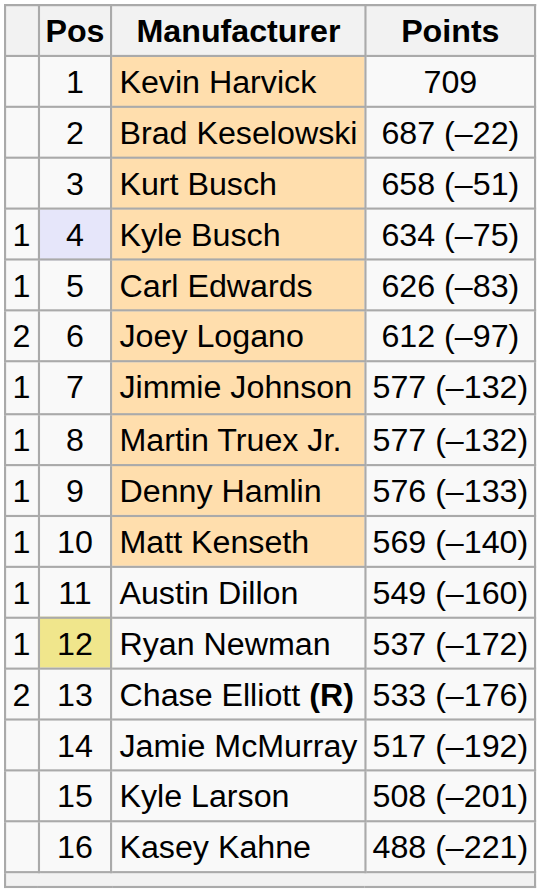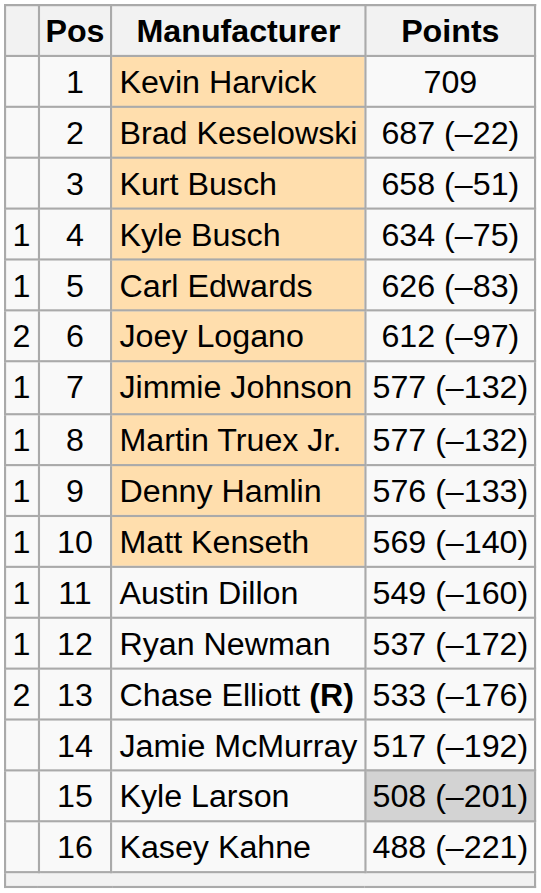 <table class="wikitable" style="font-size:95%">
 <tr>
 </tr>
 <tr>
 <th></th>
 <th>Pos</th>
 <th>Manufacturer</th>
 <th>Points</th>
 </tr>
 <tr>
 <td align="left"></td>
 <td style="text-align:center;">1</td>
 <td style="background:#FFDEAD;">Kevin Harvick</td>
 <td style="text-align:center;">709</td>
 </tr>
 <tr>
 <td align="left"></td>
 <td style="text-align:center;">2</td>
 <td style="background:#FFDEAD;">Brad Keselowski</td>
 <td style="text-align:center;">687 (–22)</td>
 </tr>
 <tr>
 <td align="left"></td>
 <td style="text-align:center;">3</td>
 <td style="background:#FFDEAD;">Kurt Busch</td>
 <td style="text-align:center;">658 (–51)</td>
 </tr>
 <tr>
 <td align="left"> 1</td>
-<td style="background: lavender; text-align:center;">4</td>
+<td style="text-align:center;">4</td>
 <td style="background:#FFDEAD;">Kyle Busch</td>
 <td style="text-align:center;">634 (–75)</td>
 </tr>
 <tr>
 <td align="left"> 1</td>
 <td style="text-align:center;">5</td>
 <td style="background:#FFDEAD;">Carl Edwards</td>
 <td style="text-align:center;">626 (–83)</td>
 </tr>
 <tr>
 <td align="left"> 2</td>
 <td style="text-align:center;">6</td>
 <td style="background:#FFDEAD;">Joey Logano</td>
 <td style="text-align:center;">612 (–97)</td>
 </tr>
 <tr>
 <td align="left"> 1</td>
 <td style="text-align:center;">7</td>
 <td style="background:#FFDEAD;">Jimmie Johnson</td>
 <td style="text-align:center;">577 (–132)</td>
 </tr>
 <tr>
 <td align="left"> 1</td>
 <td style="text-align:center;">8</td>
 <td style="background:#FFDEAD;">Martin Truex Jr.</td>
 <td style="text-align:center;">577 (–132)</td>
 </tr>
 <tr>
 <td align="left"> 1</td>
 <td style="text-align:center;">9</td>
 <td style="background:#FFDEAD;">Denny Hamlin</td>
 <td style="text-align:center;">576 (–133)</td>
 </tr>
 <tr>
 <td align="left"> 1</td>
 <td style="text-align:center;">10</td>
 <td style="background:#FFDEAD;">Matt Kenseth</td>
 <td style="text-align:center;">569 (–140)</td>
 </tr>
 <tr>
 <td align="left"> 1</td>
 <td style="text-align:center;">11</td>
 <td>Austin Dillon</td>
 <td style="text-align:center;">549 (–160)</td>
 </tr>
 <tr>
 <td align="left"> 1</td>
-<td style="background: khaki; text-align:center;">12</td>
+<td style="text-align:center;">12</td>
 <td>Ryan Newman</td>
 <td style="text-align:center;">537 (–172)</td>
 </tr>
 <tr>
 <td align="left"> 2</td>
 <td style="text-align:center;">13</td>
 <td>Chase Elliott <strong>(R)</strong></td>
 <td style="text-align:center;">533 (–176)</td>
 </tr>
 <tr>
 <td align="left"></td>
 <td style="text-align:center;">14</td>
 <td>Jamie McMurray</td>
 <td style="text-align:center;">517 (–192)</td>
 </tr>
 <tr>
 <td align="left"></td>
 <td style="text-align:center;">15</td>
 <td>Kyle Larson</td>
-<td style="text-align:center;">508 (–201)</td>
+<td style="background: lightgrey; text-align:center;">508 (–201)</td>
 </tr>
 <tr>
 <td align="left"></td>
 <td style="text-align:center;">16</td>
 <td>Kasey Kahne</td>
 <td style="text-align:center;">488 (–221)</td>
 </tr>
 <tr class="sortbottom">
 <th colspan="9"></th>
 </tr>
 </table>
